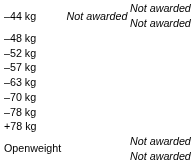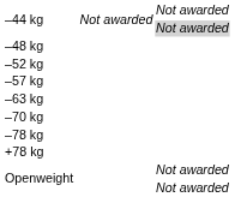 <table>
 <tr>
 <td rowspan=2>–44 kg<br></td>
 <td rowspan=2></td>
 <td rowspan=2><em>Not awarded</em></td>
 <td><em>Not awarded</em></td>
 </tr>
 <tr>
-<td><em>Not awarded</em></td>
+<td style="background: lightgrey;"><em>Not awarded</em></td>
 </tr>
 <tr>
 <td rowspan=2>–48 kg<br></td>
 <td rowspan=2></td>
 <td rowspan=2></td>
 <td></td>
 </tr>
 <tr>
 <td></td>
 </tr>
 <tr>
 <td rowspan=2>–52 kg<br></td>
 <td rowspan=2></td>
 <td rowspan=2></td>
 <td></td>
 </tr>
 <tr>
 <td></td>
 </tr>
 <tr>
 <td rowspan=2>–57 kg<br></td>
 <td rowspan=2></td>
 <td rowspan=2></td>
 <td></td>
 </tr>
 <tr>
 <td></td>
 </tr>
 <tr>
 <td rowspan=2>–63 kg<br></td>
 <td rowspan=2></td>
 <td rowspan=2></td>
 <td></td>
 </tr>
 <tr>
 <td></td>
 </tr>
 <tr>
 <td rowspan=2>–70 kg<br></td>
 <td rowspan=2></td>
 <td rowspan=2></td>
 <td></td>
 </tr>
 <tr>
 <td></td>
 </tr>
 <tr>
 <td rowspan=2>–78 kg<br></td>
 <td rowspan=2></td>
 <td rowspan=2></td>
 <td></td>
 </tr>
 <tr>
 <td></td>
 </tr>
 <tr>
 <td rowspan=2>+78 kg<br></td>
 <td rowspan=2></td>
 <td rowspan=2></td>
 <td></td>
 </tr>
 <tr>
 <td></td>
 </tr>
 <tr>
 <td rowspan=2>Openweight<br></td>
 <td rowspan=2></td>
 <td rowspan=2></td>
 <td><em>Not awarded</em></td>
 </tr>
 <tr>
 <td><em>Not awarded</em></td>
 </tr>
 </table>
